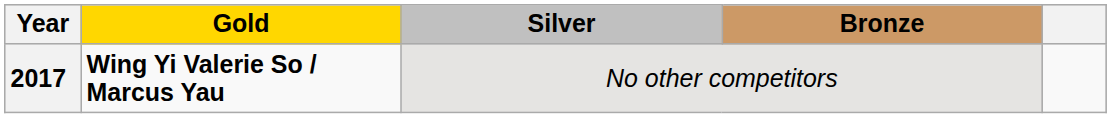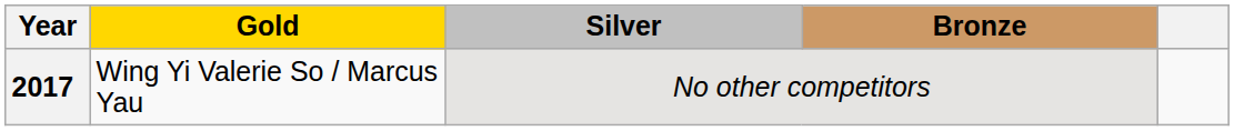 <table class="wikitable unsortable" style="text-align:left; width:80%">
 <tr>
 <th scope="col" style="text-align:center; width:5%">Year</th>
 <td scope="col" style="text-align:center; width:25%; background:gold"><strong>Gold</strong></td>
 <td scope="col" style="text-align:center; width:25%; background:silver"><strong>Silver</strong></td>
 <td scope="col" style="text-align:center; width:25%; background:#c96"><strong>Bronze</strong></td>
 <th scope="col" style="text-align:center; width:5%"></th>
 </tr>
 <tr>
 <th scope="row" style="text-align:left">2017</th>
-<td><strong>Wing Yi Valerie So / Marcus Yau</strong></td>
+<td>Wing Yi Valerie So / Marcus Yau</td>
 <td colspan="2" align="center" bgcolor="e5e4e2"><em>No other competitors</em></td>
 <td></td>
 </tr>
 </table>
